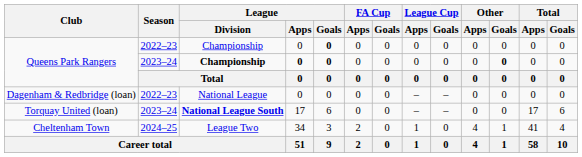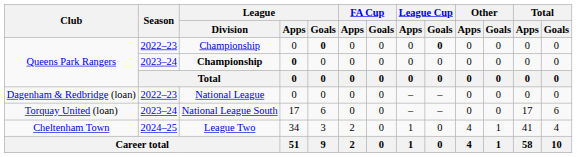 <table class=wikitable style=text-align:center>
 <tr>
 <th rowspan=2>Club</th>
 <th rowspan=2>Season</th>
 <th colspan=3>League</th>
 <th colspan=2><a href='#'>FA Cup</a></th>
 <th colspan=2><a href='#'>League Cup</a></th>
 <th colspan=2>Other</th>
 <th colspan=2>Total</th>
 </tr>
 <tr>
 <th>Division</th>
 <th>Apps</th>
 <th>Goals</th>
 <th>Apps</th>
 <th>Goals</th>
 <th>Apps</th>
 <th>Goals</th>
 <th>Apps</th>
 <th>Goals</th>
 <th>Apps</th>
 <th>Goals</th>
 </tr>
 <tr>
 <td rowspan=3><a href='#'>Queens Park Rangers</a></td>
 <td><a href='#'>2022–23</a></td>
 <td><a href='#'>Championship</a></td>
 <td>0</td>
 <td><strong>0</strong></td>
 <td>0</td>
 <td>0</td>
 <td>0</td>
-<td>0</td>
+<td><strong>0</strong></td>
 <td>0</td>
 <td>0</td>
 <td>0</td>
 <td>0</td>
 </tr>
 <tr>
 <td><a href='#'>2023–24</a></td>
 <td><strong>Championship</strong></td>
 <td><strong>0</strong></td>
-<td><strong>0</strong></td>
 <td>0</td>
 <td>0</td>
 <td>0</td>
 <td>0</td>
 <td>0</td>
-<td><strong>0</strong></td>
+<td>0</td>
+<td>0</td>
 <td>0</td>
 <td>0</td>
 </tr>
 <tr>
 <th colspan=2>Total</th>
 <th>0</th>
 <th>0</th>
 <th>0</th>
 <th>0</th>
 <th>0</th>
 <th>0</th>
 <th>0</th>
 <th>0</th>
 <th>0</th>
 <th>0</th>
 </tr>
 <tr>
 <td><a href='#'>Dagenham & Redbridge</a> (loan)</td>
 <td><a href='#'>2022–23</a></td>
 <td><a href='#'>National League</a></td>
 <td>0</td>
 <td>0</td>
 <td>0</td>
 <td>0</td>
 <td>–</td>
 <td>–</td>
 <td>0</td>
 <td>0</td>
 <td>0</td>
 <td>0</td>
 </tr>
 <tr>
 <td><a href='#'>Torquay United</a> (loan)</td>
 <td><a href='#'>2023–24</a></td>
-<td><strong><a href='#'>National League South</a></strong></td>
+<td><a href='#'>National League South</a></td>
 <td>17</td>
 <td>6</td>
 <td>0</td>
 <td>0</td>
 <td>–</td>
 <td>–</td>
 <td>0</td>
 <td>0</td>
 <td>17</td>
 <td>6</td>
 </tr>
 <tr>
 <td><a href='#'>Cheltenham Town</a></td>
 <td><a href='#'>2024–25</a></td>
 <td><a href='#'>League Two</a></td>
 <td>34</td>
 <td>3</td>
 <td>2</td>
 <td>0</td>
 <td>1</td>
 <td>0</td>
 <td>4</td>
 <td>1</td>
 <td>41</td>
 <td>4</td>
 </tr>
 <tr>
 <th colspan="3">Career total</th>
 <th>51</th>
 <th>9</th>
 <th>2</th>
 <th>0</th>
 <th>1</th>
 <th>0</th>
 <th>4</th>
 <th>1</th>
 <th>58</th>
 <th>10</th>
 </tr>
 </table>
